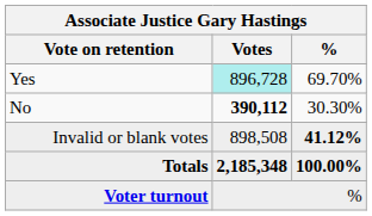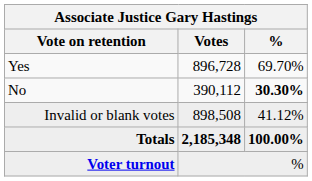 <table class="wikitable" style="font-size: 95%;">
 <tr style="background-color:#E9E9E9">
 <th colspan=7>Associate Justice Gary Hastings</th>
 </tr>
 <tr style="background-color:#E9E9E9">
 <th style="width: 170px">Vote on retention</th>
 <th style="width: 50px">Votes</th>
 <th style="width: 40px">%</th>
 </tr>
 <tr>
 <td>Yes</td>
-<td align="right" style="background: paleturquoise;">896,728</td>
+<td align="right">896,728</td>
 <td align="right">69.70%</td>
 </tr>
 <tr>
 <td>No</td>
-<td align="right"><strong>390,112</strong></td>
-<td align="right">30.30%</td>
+<td align="right">390,112</td>
+<td align="right"><strong>30.30%</strong></td>
 </tr>
 <tr bgcolor="#EEEEEE">
 <td align="right">Invalid or blank votes</td>
 <td align="right">898,508</td>
-<td align="right"><strong>41.12%</strong></td>
+<td align="right">41.12%</td>
 </tr>
 <tr bgcolor="#EEEEEE">
 <td align="right"><strong>Totals</strong></td>
 <td align="right"><strong>2,185,348</strong></td>
 <td align="right"><strong>100.00%</strong></td>
 </tr>
 <tr bgcolor="#EEEEEE">
 <td align="right"><strong><a href='#'>Voter turnout</a></strong></td>
 <td colspan="2" align="right">%</td>
 </tr>
 </table>
